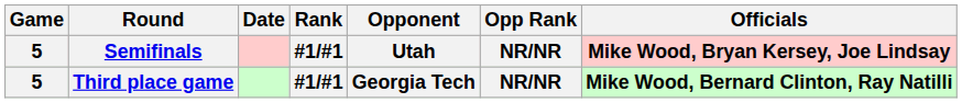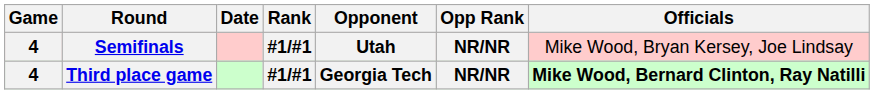 <table class="wikitable">
 <tr>
 <th>Game</th>
 <th>Round</th>
 <th>Date</th>
 <th>Rank</th>
 <th>Opponent</th>
 <th>Opp Rank</th>
 <th>Officials</th>
 </tr>
 <tr align="center" bgcolor="#ffcccc">
-<th>5</th>
+<th>4</th>
 <th><a href='#'>Semifinals</a></th>
 <td></td>
 <th>#1/#1</th>
 <th>Utah</th>
 <th>NR/NR</th>
-<td><strong>Mike Wood, Bryan Kersey, Joe Lindsay</strong></td>
+<td>Mike Wood, Bryan Kersey, Joe Lindsay</td>
 </tr>
 <tr align="center" bgcolor="#ccffcc">
-<th>5</th>
+<th>4</th>
 <th><a href='#'>Third place game</a></th>
 <td></td>
 <th>#1/#1</th>
 <th>Georgia Tech</th>
 <th>NR/NR</th>
 <td><strong>Mike Wood, Bernard Clinton, Ray Natilli</strong></td>
 </tr>
 </table>
